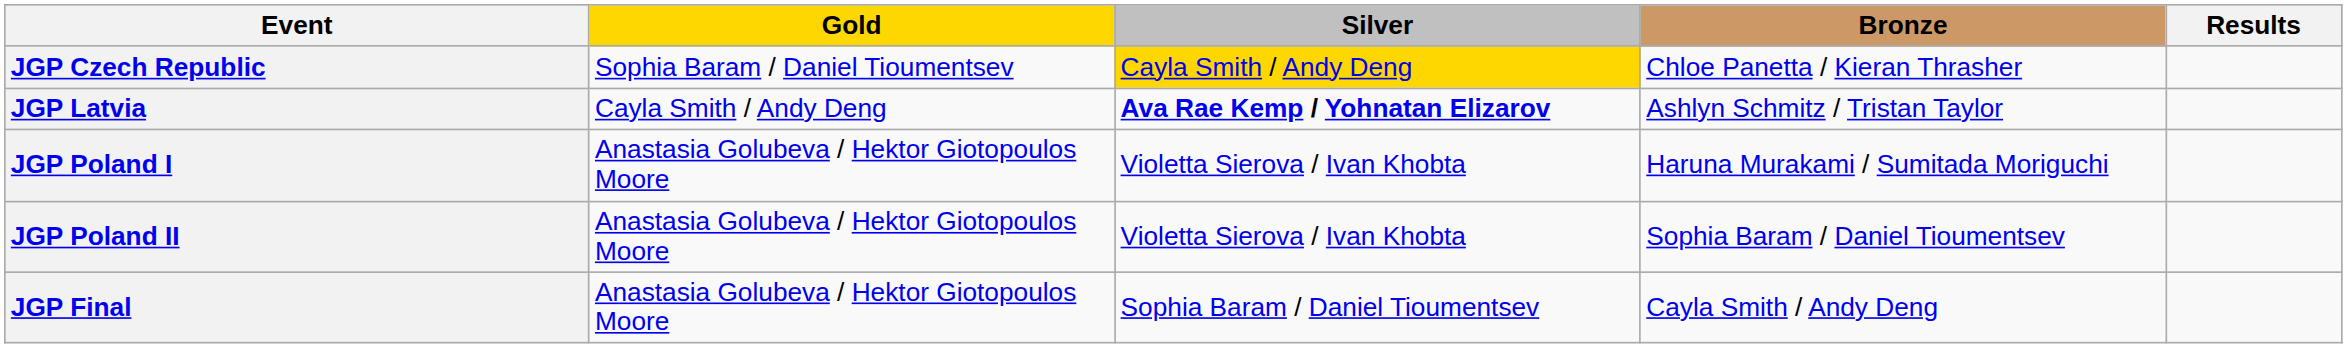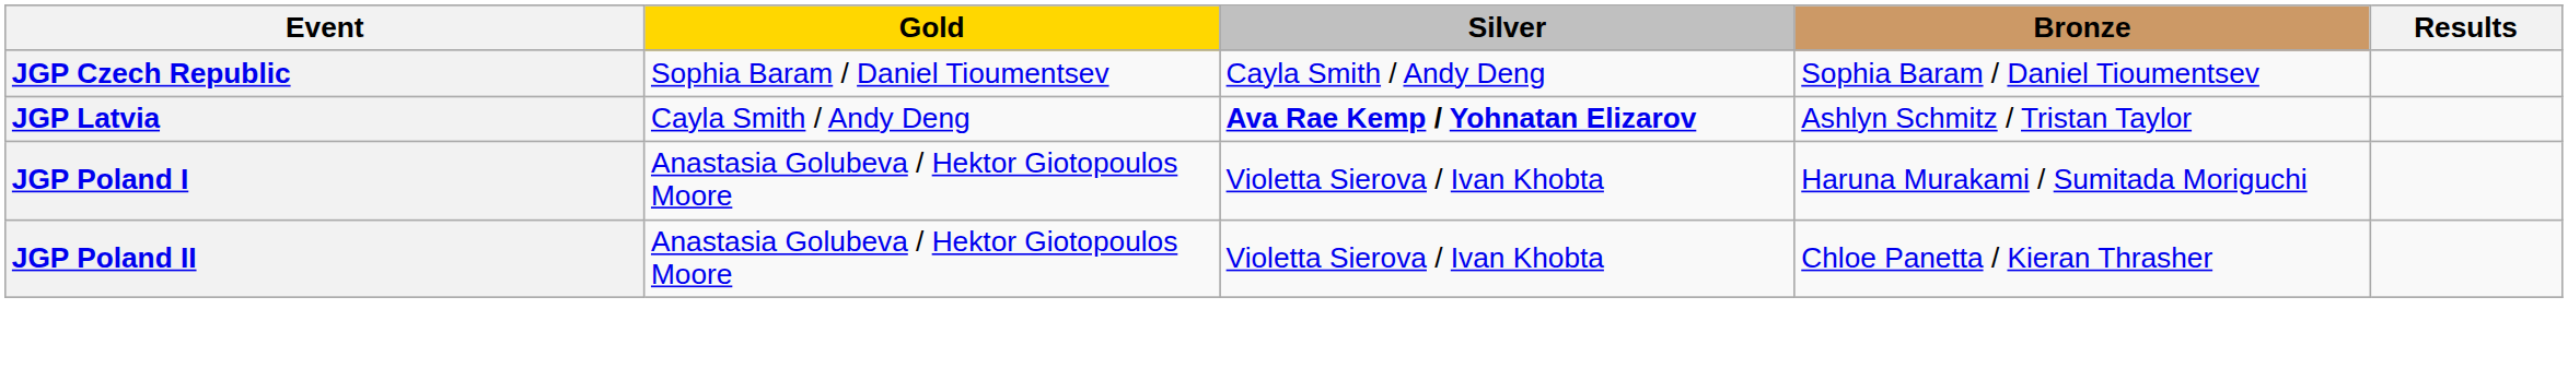 <table class="wikitable unsortable" style="text-align:left; width:90%;">
 <tr>
 <th scope="col" style="text-align:center; width:25%;">Event</th>
 <td scope="col" style="text-align:center; width:22.5%; background:gold"><strong>Gold</strong></td>
 <td scope="col" style="text-align:center; width:22.5%; background:silver"><strong>Silver</strong></td>
 <td scope="col" style="text-align:center; width:22.5%; background:#c96"><strong>Bronze</strong></td>
 <th scope="col" style="text-align:center; width:7.5%;">Results</th>
 </tr>
 <tr>
 <th scope="row" style="text-align:left"> <a href='#'>JGP Czech Republic</a></th>
 <td> <a href='#'>Sophia Baram</a> / <a href='#'>Daniel Tioumentsev</a></td>
-<td style="background: gold;"> <a href='#'>Cayla Smith</a> / <a href='#'>Andy Deng</a></td>
-<td> <a href='#'>Chloe Panetta</a> / <a href='#'>Kieran Thrasher</a></td>
+<td> <a href='#'>Cayla Smith</a> / <a href='#'>Andy Deng</a></td>
+<td> <a href='#'>Sophia Baram</a> / <a href='#'>Daniel Tioumentsev</a></td>
 <td></td>
 </tr>
 <tr>
 <th scope="row" style="text-align:left"> <a href='#'>JGP Latvia</a></th>
 <td> <a href='#'>Cayla Smith</a> / <a href='#'>Andy Deng</a></td>
 <td><strong> <a href='#'>Ava Rae Kemp</a> / <a href='#'>Yohnatan Elizarov</a></strong></td>
 <td> <a href='#'>Ashlyn Schmitz</a> / <a href='#'>Tristan Taylor</a></td>
 <td></td>
 </tr>
 <tr>
 <th scope="row" style="text-align:left"> <a href='#'>JGP Poland I</a></th>
 <td> <a href='#'>Anastasia Golubeva</a> / <a href='#'>Hektor Giotopoulos Moore</a></td>
 <td> <a href='#'>Violetta Sierova</a> / <a href='#'>Ivan Khobta</a></td>
 <td> <a href='#'>Haruna Murakami</a> / <a href='#'>Sumitada Moriguchi</a></td>
 <td></td>
 </tr>
 <tr>
 <th scope="row" style="text-align:left"> <a href='#'>JGP Poland II</a></th>
 <td> <a href='#'>Anastasia Golubeva</a> / <a href='#'>Hektor Giotopoulos Moore</a></td>
 <td> <a href='#'>Violetta Sierova</a> / <a href='#'>Ivan Khobta</a></td>
-<td> <a href='#'>Sophia Baram</a> / <a href='#'>Daniel Tioumentsev</a></td>
-<td></td>
-</tr>
-<tr>
-<th scope="row" style="text-align:left"> <a href='#'>JGP Final</a></th>
-<td> <a href='#'>Anastasia Golubeva</a> / <a href='#'>Hektor Giotopoulos Moore</a></td>
-<td> <a href='#'>Sophia Baram</a> / <a href='#'>Daniel Tioumentsev</a></td>
-<td> <a href='#'>Cayla Smith</a> / <a href='#'>Andy Deng</a></td>
+<td> <a href='#'>Chloe Panetta</a> / <a href='#'>Kieran Thrasher</a></td>
 <td></td>
 </tr>
 </table>
